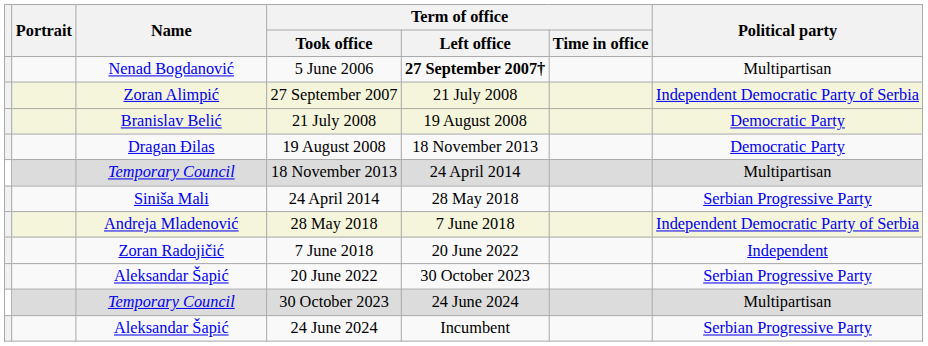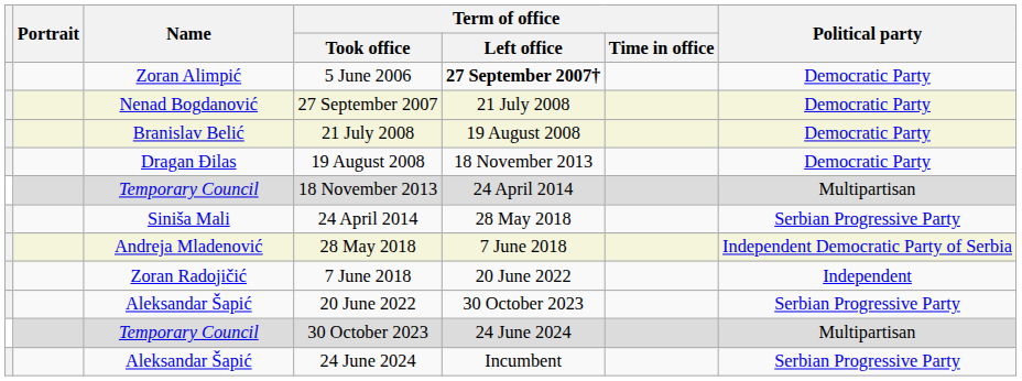 <table class="wikitable" style="text-align:center;">
 <tr>
 <th rowspan=2></th>
 <th rowspan=2>Portrait</th>
 <th rowspan=2 width=180>Name<br></th>
 <th colspan=3>Term of office</th>
 <th rowspan=2>Political party</th>
 </tr>
 <tr>
 <th>Took office</th>
 <th>Left office</th>
 <th>Time in office</th>
 </tr>
 <tr>
 <th style="background:"></th>
 <td></td>
-<td><a href='#'>Nenad Bogdanović</a><br></td>
+<td><a href='#'>Zoran Alimpić</a><br></td>
 <td>5 June 2006</td>
 <td><strong>27 September 2007†</strong></td>
 <td></td>
-<td>Multipartisan</td>
+<td><a href='#'>Democratic Party</a></td>
 </tr>
 <tr style="background:#F5F5DC;">
 <th style="background:"></th>
 <td></td>
-<td><a href='#'>Zoran Alimpić</a><br></td>
+<td><a href='#'>Nenad Bogdanović</a><br></td>
 <td>27 September 2007</td>
 <td>21 July 2008</td>
 <td></td>
-<td><a href='#'>Independent Democratic Party of Serbia</a></td>
+<td><a href='#'>Democratic Party</a></td>
 </tr>
 <tr style="background:#F5F5DC;">
 <th style="background:"></th>
 <td></td>
 <td><a href='#'>Branislav Belić</a><br></td>
 <td>21 July 2008</td>
 <td>19 August 2008</td>
 <td></td>
 <td><a href='#'>Democratic Party</a></td>
 </tr>
 <tr>
 <th style="background:"></th>
 <td></td>
 <td><a href='#'>Dragan Đilas</a><br></td>
 <td>19 August 2008</td>
 <td>18 November 2013</td>
 <td></td>
 <td><a href='#'>Democratic Party</a></td>
 </tr>
 <tr style="background:#DCDCDC;">
 <th style="background:white;"></th>
 <td></td>
 <td><em><a href='#'>Temporary Council</a></em><br></td>
 <td>18 November 2013</td>
 <td>24 April 2014</td>
 <td></td>
 <td>Multipartisan</td>
 </tr>
 <tr>
 <th style="background:"></th>
 <td></td>
 <td><a href='#'>Siniša Mali</a><br></td>
 <td>24 April 2014</td>
 <td>28 May 2018</td>
 <td></td>
 <td><a href='#'>Serbian Progressive Party</a></td>
 </tr>
 <tr style="background:#F5F5DC;">
 <th style="background:"></th>
 <td></td>
 <td><a href='#'>Andreja Mladenović</a><br></td>
 <td>28 May 2018</td>
 <td>7 June 2018</td>
 <td></td>
 <td><a href='#'>Independent Democratic Party of Serbia</a></td>
 </tr>
 <tr>
 <th style="background:"></th>
 <td></td>
 <td><a href='#'>Zoran Radojičić</a><br></td>
 <td>7 June 2018</td>
 <td>20 June 2022</td>
 <td></td>
 <td><a href='#'>Independent</a></td>
 </tr>
 <tr>
 <th style="background:"></th>
 <td></td>
 <td><a href='#'>Aleksandar Šapić</a><br></td>
 <td>20 June 2022</td>
 <td>30 October 2023</td>
 <td></td>
 <td><a href='#'>Serbian Progressive Party</a></td>
 </tr>
 <tr style="background:#DCDCDC;">
 <th style="background:white;"></th>
 <td></td>
 <td><em><a href='#'>Temporary Council</a></em><br></td>
 <td>30 October 2023</td>
 <td>24 June 2024</td>
 <td></td>
 <td>Multipartisan</td>
 </tr>
 <tr>
 <th style="background:"></th>
 <td></td>
 <td><a href='#'>Aleksandar Šapić</a><br></td>
 <td>24 June 2024</td>
 <td>Incumbent</td>
 <td></td>
 <td><a href='#'>Serbian Progressive Party</a></td>
 </tr>
 </table>
